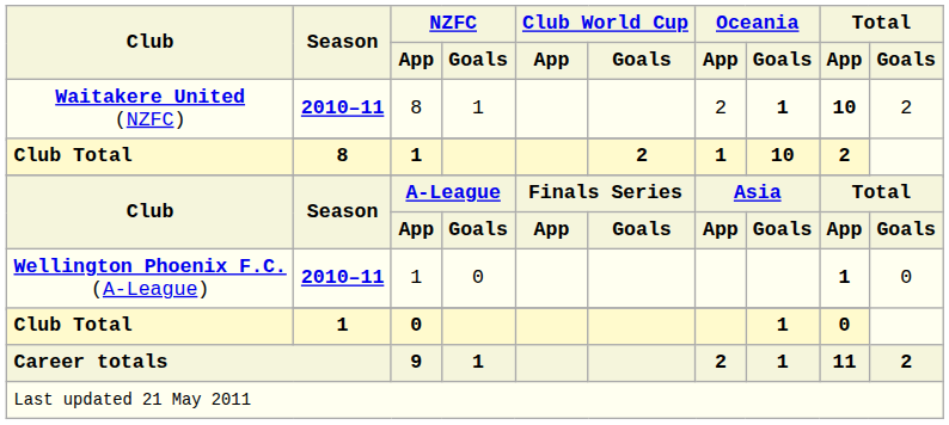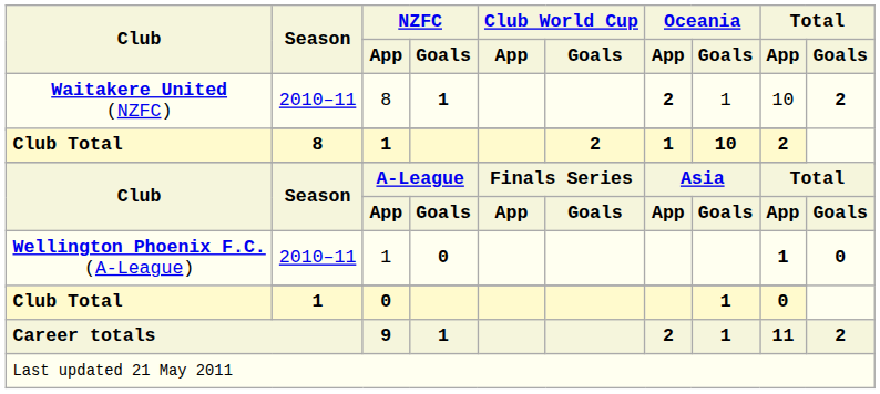 <table border=1 align=center cellpadding=4 cellspacing=2 style="background: ivory; font-size: 95%; border: 1px #aaaaaa solid; border-collapse: collapse; clear:center">
 <tr style="background:beige">
 <th rowspan="2">Club</th>
 <th rowspan="2">Season</th>
 <th colspan="2"><a href='#'>NZFC</a></th>
 <th colspan="2"><a href='#'>Club World Cup</a></th>
 <th colspan="2"><a href='#'>Oceania</a></th>
 <th colspan="2">Total</th>
 </tr>
 <tr style="background:beige">
 <th>App</th>
 <th>Goals</th>
 <th>App</th>
 <th>Goals</th>
 <th>App</th>
 <th>Goals</th>
 <th>App</th>
 <th>Goals</th>
 </tr>
 <tr>
 <td rowspan="2" align=center valign=center><strong><a href='#'>Waitakere United</a></strong><br>(<a href='#'>NZFC</a>)</td>
-<td align="center"><strong><a href='#'>2010–11</a></strong></td>
+<td align="center"><a href='#'>2010–11</a></td>
 <td align="center">8</td>
-<td align="center">1</td>
+<td align="center"><strong>1</strong></td>
 <td align="center"></td>
 <td align="center"></td>
-<td align="center">2</td>
-<td align="center"><strong>1</strong></td>
-<td align="center"><strong>10</strong></td>
-<td align="center">2</td>
+<td align="center"><strong>2</strong></td>
+<td align="center">1</td>
+<td align="center">10</td>
+<td align="center"><strong>2</strong></td>
 </tr>
 <tr>
 </tr>
 <tr style="background:lemonchiffon">
 <th colspan="1" align="left">Club Total</th>
 <th>8</th>
 <th>1</th>
 <th></th>
 <th></th>
 <th>2</th>
 <th>1</th>
 <th>10</th>
 <th>2</th>
 </tr>
 <tr>
 </tr>
 <tr style="background:beige">
 <th rowspan="2">Club</th>
 <th rowspan="2">Season</th>
 <th colspan="2"><a href='#'>A-League</a></th>
 <th colspan="2">Finals Series</th>
 <th colspan="2"><a href='#'>Asia</a></th>
 <th colspan="2">Total</th>
 </tr>
 <tr style="background:beige">
 <th>App</th>
 <th>Goals</th>
 <th>App</th>
 <th>Goals</th>
 <th>App</th>
 <th>Goals</th>
 <th>App</th>
 <th>Goals</th>
 </tr>
 <tr>
 <td rowspan="2" align=center valign=center><strong><a href='#'>Wellington Phoenix F.C.</a></strong><br>(<a href='#'>A-League</a>)</td>
-<td align="center"><strong><a href='#'>2010–11</a></strong></td>
+<td align="center"><a href='#'>2010–11</a></td>
 <td align="center">1</td>
-<td align="center">0</td>
+<td align="center"><strong>0</strong></td>
 <td align="center"></td>
 <td align="center"></td>
 <td align="center"></td>
 <td align="center"></td>
 <td align="center"><strong>1</strong></td>
-<td align="center">0</td>
+<td align="center"><strong>0</strong></td>
 </tr>
 <tr>
 </tr>
 <tr style="background:lemonchiffon">
 <th colspan="1" align="left">Club Total</th>
 <th>1</th>
 <th>0</th>
 <th></th>
 <th></th>
 <th></th>
 <th></th>
 <th>1</th>
 <th>0</th>
 </tr>
 <tr>
 <th style="background:beige" colspan="2" align="left">Career totals</th>
 <th align=center style="background:beige">9</th>
 <th align=center style="background:beige">1</th>
 <th align=center style="background:beige"></th>
 <th align=center style="background:beige"></th>
 <th align=center style="background:beige">2</th>
 <th align=center style="background:beige">1</th>
 <th align=center style="background:beige">11</th>
 <th align=center style="background:beige">2</th>
 </tr>
 <tr>
 <td colspan="12"><small>Last updated 21 May 2011</small></td>
 </tr>
 </table>
